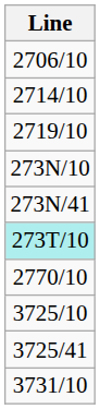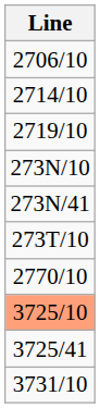 <table class="wikitable">
 <tr>
 <th align="center">Line</th>
 </tr>
 <tr>
 <td align="center">2706/10</td>
 </tr>
 <tr>
 <td align="center">2714/10</td>
 </tr>
 <tr>
 <td align="center">2719/10</td>
 </tr>
 <tr>
 <td align="center">273N/10</td>
 </tr>
 <tr>
 <td align="center">273N/41</td>
 </tr>
 <tr>
-<td align="center" style="background: paleturquoise;">273T/10</td>
+<td align="center">273T/10</td>
 </tr>
 <tr>
 <td align="center">2770/10</td>
 </tr>
 <tr>
-<td align="center">3725/10</td>
+<td align="center" style="background: lightsalmon;">3725/10</td>
 </tr>
 <tr>
 <td align="center">3725/41</td>
 </tr>
 <tr>
 <td align="center">3731/10</td>
 </tr>
 </table>
